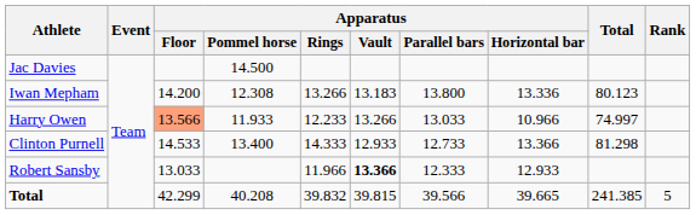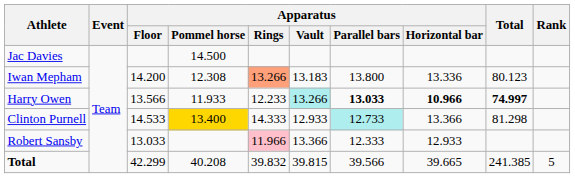 <table class="wikitable" style="font-size:90%">
 <tr>
 <th rowspan=2>Athlete</th>
 <th rowspan=2>Event</th>
 <th colspan=6>Apparatus</th>
 <th rowspan=2>Total</th>
 <th rowspan=2>Rank</th>
 </tr>
 <tr style="font-size:95%">
 <th>Floor</th>
 <th>Pommel horse</th>
 <th>Rings</th>
 <th>Vault</th>
 <th>Parallel bars</th>
 <th>Horizontal bar</th>
 </tr>
 <tr align=center>
 <td align=left><a href='#'>Jac Davies</a></td>
 <td align=left rowspan=6><a href='#'>Team</a></td>
 <td></td>
 <td>14.500</td>
 <td></td>
 <td></td>
 <td></td>
 <td></td>
 <td></td>
 <td></td>
 </tr>
 <tr align=center>
 <td align=left><a href='#'>Iwan Mepham</a></td>
 <td>14.200</td>
 <td>12.308</td>
-<td>13.266</td>
+<td style="background: lightsalmon;">13.266</td>
 <td>13.183</td>
 <td>13.800</td>
 <td>13.336</td>
 <td>80.123</td>
 <td></td>
 </tr>
 <tr align=center>
 <td align=left><a href='#'>Harry Owen</a></td>
-<td style="background: lightsalmon;">13.566</td>
+<td>13.566</td>
 <td>11.933</td>
 <td>12.233</td>
-<td>13.266</td>
-<td>13.033</td>
-<td>10.966</td>
-<td>74.997</td>
+<td style="background: paleturquoise;">13.266</td>
+<td><strong>13.033</strong></td>
+<td><strong>10.966</strong></td>
+<td><strong>74.997</strong></td>
 <td></td>
 </tr>
 <tr align=center>
 <td align=left><a href='#'>Clinton Purnell</a></td>
 <td>14.533</td>
-<td>13.400</td>
+<td style="background: gold;">13.400</td>
 <td>14.333</td>
 <td>12.933</td>
-<td>12.733</td>
+<td style="background: paleturquoise;">12.733</td>
 <td>13.366</td>
 <td>81.298</td>
 <td></td>
 </tr>
 <tr align=center>
 <td align=left><a href='#'>Robert Sansby</a></td>
 <td>13.033</td>
 <td></td>
-<td>11.966</td>
-<td><strong>13.366</strong></td>
+<td style="background: pink;">11.966</td>
+<td>13.366</td>
 <td>12.333</td>
 <td>12.933</td>
 <td></td>
 <td></td>
 </tr>
 <tr align=center>
 <td align=left><strong>Total</strong></td>
 <td>42.299</td>
 <td>40.208</td>
 <td>39.832</td>
 <td>39.815</td>
 <td>39.566</td>
 <td>39.665</td>
 <td>241.385</td>
 <td>5</td>
 </tr>
 </table>
